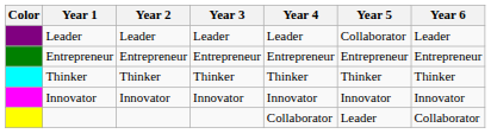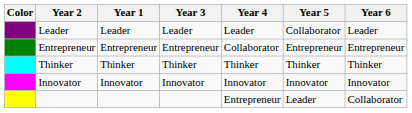 <table class="wikitable">
 <tr>
 <th>Color</th>
+<th>Year 2</th>
 <th>Year 1</th>
-<th>Year 2</th>
 <th>Year 3</th>
 <th>Year 4</th>
 <th>Year 5</th>
 <th>Year 6</th>
 </tr>
 <tr>
 <td style="background:purple"></td>
 <td>Leader</td>
 <td>Leader</td>
 <td>Leader</td>
 <td>Leader</td>
 <td>Collaborator</td>
 <td>Leader</td>
 </tr>
 <tr>
 <td style="background:green"></td>
 <td>Entrepreneur</td>
 <td>Entrepreneur</td>
 <td>Entrepreneur</td>
-<td>Entrepreneur</td>
+<td>Collaborator</td>
 <td>Entrepreneur</td>
 <td>Entrepreneur</td>
 </tr>
 <tr>
 <td style="background:aqua"></td>
 <td>Thinker</td>
 <td>Thinker</td>
 <td>Thinker</td>
 <td>Thinker</td>
 <td>Thinker</td>
 <td>Thinker</td>
 </tr>
 <tr>
 <td style="background:fuchsia"></td>
 <td>Innovator</td>
 <td>Innovator</td>
 <td>Innovator</td>
 <td>Innovator</td>
 <td>Innovator</td>
 <td>Innovator</td>
 </tr>
 <tr>
 <td style="background:yellow"></td>
 <td></td>
 <td></td>
 <td></td>
-<td>Collaborator</td>
+<td>Entrepreneur</td>
 <td>Leader</td>
 <td>Collaborator</td>
 </tr>
 </table>
